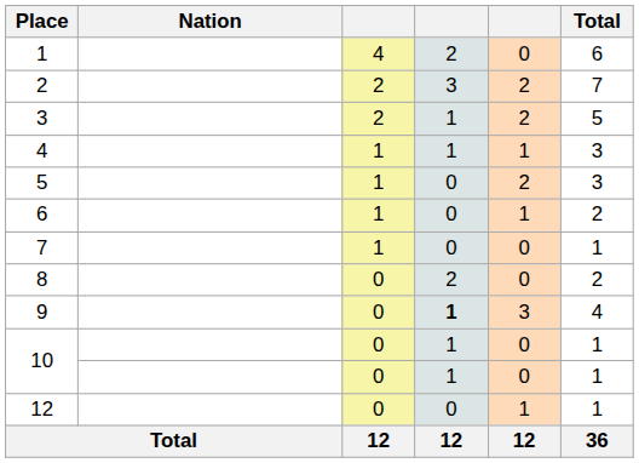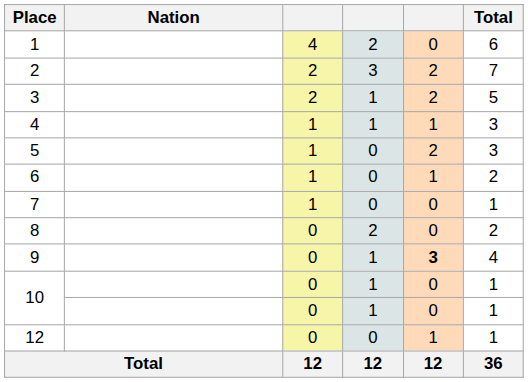 <table class=wikitable style="border:1px solid #AAAAAA">
 <tr bgcolor="#EFEFEF">
 <th width=50>Place</th>
 <th width=200>Nation</th>
 <th width=50></th>
 <th width=50></th>
 <th width=50></th>
 <th width=50>Total</th>
 </tr>
 <tr align="center" valign="center" bgcolor="#FFFFFF">
 <td>1</td>
 <td align="left"></td>
 <td style="background:#F7F6A8;">4</td>
 <td style="background:#DCE5E5;">2</td>
 <td style="background:#FFDAB9;">0</td>
 <td>6</td>
 </tr>
 <tr align="center" valign="center" bgcolor="#FFFFFF">
 <td>2</td>
 <td align="left"></td>
 <td style="background:#F7F6A8;">2</td>
 <td style="background:#DCE5E5;">3</td>
 <td style="background:#FFDAB9;">2</td>
 <td>7</td>
 </tr>
 <tr align="center" valign="center" bgcolor="#FFFFFF">
 <td>3</td>
 <td align="left"></td>
 <td style="background:#F7F6A8;">2</td>
 <td style="background:#DCE5E5;">1</td>
 <td style="background:#FFDAB9;">2</td>
 <td>5</td>
 </tr>
 <tr align="center" valign="center" bgcolor="#FFFFFF">
 <td>4</td>
 <td align="left"></td>
 <td style="background:#F7F6A8;">1</td>
 <td style="background:#DCE5E5;">1</td>
 <td style="background:#FFDAB9;">1</td>
 <td>3</td>
 </tr>
 <tr align="center" valign="center" bgcolor="#FFFFFF">
 <td>5</td>
 <td align="left"></td>
 <td style="background:#F7F6A8;">1</td>
 <td style="background:#DCE5E5;">0</td>
 <td style="background:#FFDAB9;">2</td>
 <td>3</td>
 </tr>
 <tr align="center" valign="center" bgcolor="#FFFFFF">
 <td>6</td>
 <td align="left"></td>
 <td style="background:#F7F6A8;">1</td>
 <td style="background:#DCE5E5;">0</td>
 <td style="background:#FFDAB9;">1</td>
 <td>2</td>
 </tr>
 <tr align="center" valign="center" bgcolor="#FFFFFF">
 <td>7</td>
 <td align="left"></td>
 <td style="background:#F7F6A8;">1</td>
 <td style="background:#DCE5E5;">0</td>
 <td style="background:#FFDAB9;">0</td>
 <td>1</td>
 </tr>
 <tr align="center" valign="center" bgcolor="#FFFFFF">
 <td>8</td>
 <td align="left"></td>
 <td style="background:#F7F6A8;">0</td>
 <td style="background:#DCE5E5;">2</td>
 <td style="background:#FFDAB9;">0</td>
 <td>2</td>
 </tr>
 <tr align="center" valign="center" bgcolor="#FFFFFF">
 <td>9</td>
 <td align="left"></td>
 <td style="background:#F7F6A8;">0</td>
-<td style="background:#DCE5E5;"><strong>1</strong></td>
-<td style="background:#FFDAB9;">3</td>
+<td style="background:#DCE5E5;">1</td>
+<td style="background:#FFDAB9;"><strong>3</strong></td>
 <td>4</td>
 </tr>
 <tr align="center" valign="center" bgcolor="#FFFFFF">
 <td rowspan=2>10</td>
 <td align="left"></td>
 <td style="background:#F7F6A8;">0</td>
 <td style="background:#DCE5E5;">1</td>
 <td style="background:#FFDAB9;">0</td>
 <td>1</td>
 </tr>
 <tr align="center" valign="center" bgcolor="#FFFFFF">
 <td align="left"></td>
 <td style="background:#F7F6A8;">0</td>
 <td style="background:#DCE5E5;">1</td>
 <td style="background:#FFDAB9;">0</td>
 <td>1</td>
 </tr>
 <tr align="center" valign="center" bgcolor="#FFFFFF">
 <td>12</td>
 <td align="left"></td>
 <td style="background:#F7F6A8;">0</td>
 <td style="background:#DCE5E5;">0</td>
 <td style="background:#FFDAB9;">1</td>
 <td>1</td>
 </tr>
 <tr align="center">
 <th colspan=2>Total</th>
 <th>12</th>
 <th>12</th>
 <th>12</th>
 <th>36</th>
 </tr>
 </table>
